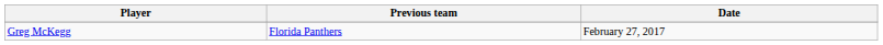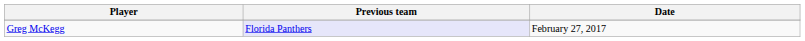 <table class="wikitable" style="width:100%;">
 <tr style="text-align:center; background:#ddd;">
 <th style="width:30%;">Player</th>
 <th style="width:36%;">Previous team</th>
 <th style="width:34%;">Date</th>
 </tr>
 <tr>
 </tr>
 <tr>
 <td><a href='#'>Greg McKegg</a></td>
-<td><a href='#'>Florida Panthers</a></td>
+<td style="background: lavender;"><a href='#'>Florida Panthers</a></td>
 <td>February 27, 2017</td>
 </tr>
 </table>
